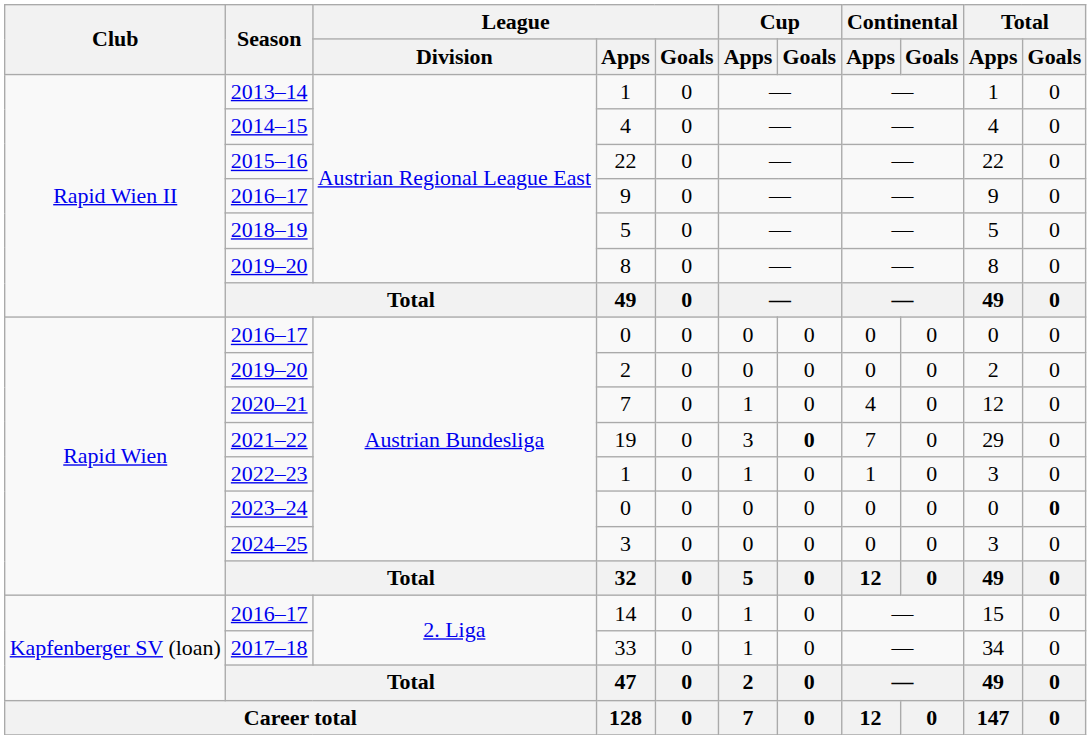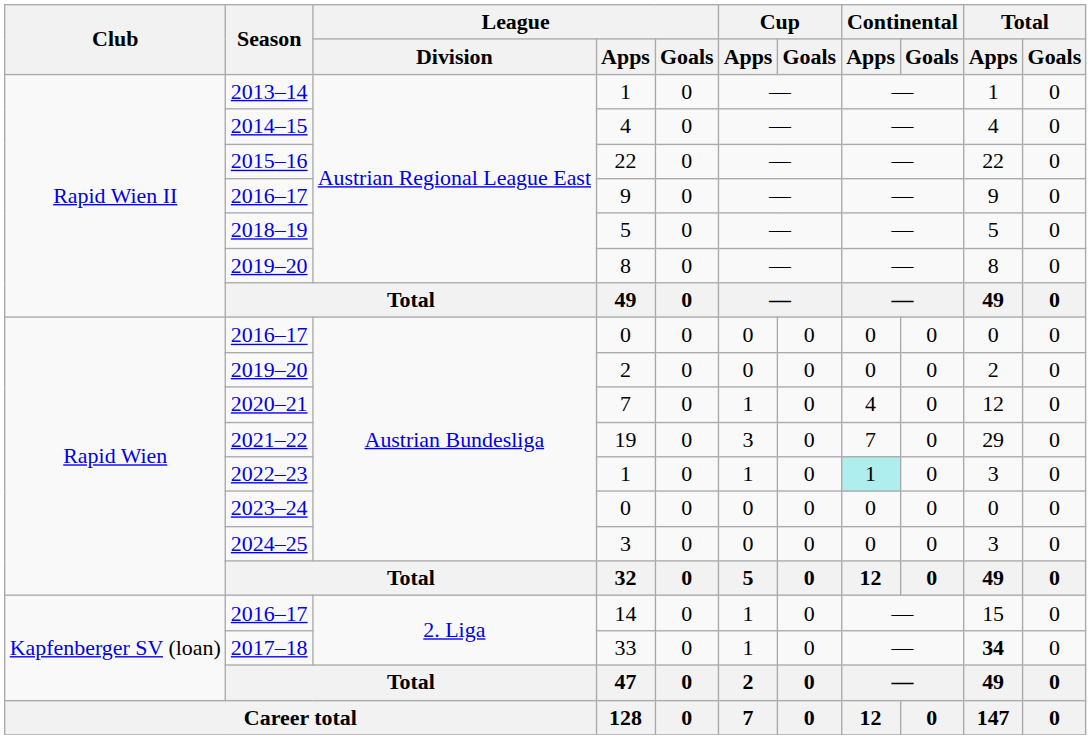 <table class="wikitable" style="text-align: center">
 <tr>
 <th rowspan="2">Club</th>
 <th rowspan="2">Season</th>
 <th colspan="3">League</th>
 <th colspan="2">Cup</th>
 <th colspan="2">Continental</th>
 <th colspan="2">Total</th>
 </tr>
 <tr>
 <th>Division</th>
 <th>Apps</th>
 <th>Goals</th>
 <th>Apps</th>
 <th>Goals</th>
 <th>Apps</th>
 <th>Goals</th>
 <th>Apps</th>
 <th>Goals</th>
 </tr>
 <tr>
 <td rowspan="7"><a href='#'>Rapid Wien II</a></td>
 <td><a href='#'>2013–14</a></td>
 <td rowspan="6"><a href='#'>Austrian Regional League East</a></td>
 <td>1</td>
 <td>0</td>
 <td colspan="2">—</td>
 <td colspan="2">—</td>
 <td>1</td>
 <td>0</td>
 </tr>
 <tr>
 <td><a href='#'>2014–15</a></td>
 <td>4</td>
 <td>0</td>
 <td colspan="2">—</td>
 <td colspan="2">—</td>
 <td>4</td>
 <td>0</td>
 </tr>
 <tr>
 <td><a href='#'>2015–16</a></td>
 <td>22</td>
 <td>0</td>
 <td colspan="2">—</td>
 <td colspan="2">—</td>
 <td>22</td>
 <td>0</td>
 </tr>
 <tr>
 <td><a href='#'>2016–17</a></td>
 <td>9</td>
 <td>0</td>
 <td colspan="2">—</td>
 <td colspan="2">—</td>
 <td>9</td>
 <td>0</td>
 </tr>
 <tr>
 <td><a href='#'>2018–19</a></td>
 <td>5</td>
 <td>0</td>
 <td colspan="2">—</td>
 <td colspan="2">—</td>
 <td>5</td>
 <td>0</td>
 </tr>
 <tr>
 <td><a href='#'>2019–20</a></td>
 <td>8</td>
 <td>0</td>
 <td colspan="2">—</td>
 <td colspan="2">—</td>
 <td>8</td>
 <td>0</td>
 </tr>
 <tr>
 <th colspan="2">Total</th>
 <th>49</th>
 <th>0</th>
 <th colspan="2">—</th>
 <th colspan="2">—</th>
 <th>49</th>
 <th>0</th>
 </tr>
 <tr>
 <td rowspan="8"><a href='#'>Rapid Wien</a></td>
 <td><a href='#'>2016–17</a></td>
 <td rowspan="7"><a href='#'>Austrian Bundesliga</a></td>
 <td>0</td>
 <td>0</td>
 <td>0</td>
 <td>0</td>
 <td>0</td>
 <td>0</td>
 <td>0</td>
 <td>0</td>
 </tr>
 <tr>
 <td><a href='#'>2019–20</a></td>
 <td>2</td>
 <td>0</td>
 <td>0</td>
 <td>0</td>
 <td>0</td>
 <td>0</td>
 <td>2</td>
 <td>0</td>
 </tr>
 <tr>
 <td><a href='#'>2020–21</a></td>
 <td>7</td>
 <td>0</td>
 <td>1</td>
 <td>0</td>
 <td>4</td>
 <td>0</td>
 <td>12</td>
 <td>0</td>
 </tr>
 <tr>
 <td><a href='#'>2021–22</a></td>
 <td>19</td>
 <td>0</td>
 <td>3</td>
-<td><strong>0</strong></td>
+<td>0</td>
 <td>7</td>
 <td>0</td>
 <td>29</td>
 <td>0</td>
 </tr>
 <tr>
 <td><a href='#'>2022–23</a></td>
 <td>1</td>
 <td>0</td>
 <td>1</td>
 <td>0</td>
-<td>1</td>
+<td style="background: paleturquoise;">1</td>
 <td>0</td>
 <td>3</td>
 <td>0</td>
 </tr>
 <tr>
 <td><a href='#'>2023–24</a></td>
 <td>0</td>
 <td>0</td>
 <td>0</td>
 <td>0</td>
 <td>0</td>
 <td>0</td>
 <td>0</td>
-<td><strong>0</strong></td>
+<td>0</td>
 </tr>
 <tr>
 <td><a href='#'>2024–25</a></td>
 <td>3</td>
 <td>0</td>
 <td>0</td>
 <td>0</td>
 <td>0</td>
 <td>0</td>
 <td>3</td>
 <td>0</td>
 </tr>
 <tr>
 <th colspan="2">Total</th>
 <th>32</th>
 <th>0</th>
 <th>5</th>
 <th>0</th>
 <th>12</th>
 <th>0</th>
 <th>49</th>
 <th>0</th>
 </tr>
 <tr>
 <td rowspan="3"><a href='#'>Kapfenberger SV</a> (loan)</td>
 <td><a href='#'>2016–17</a></td>
 <td rowspan="2"><a href='#'>2. Liga</a></td>
 <td>14</td>
 <td>0</td>
 <td>1</td>
 <td>0</td>
 <td colspan="2">—</td>
 <td>15</td>
 <td>0</td>
 </tr>
 <tr>
 <td><a href='#'>2017–18</a></td>
 <td>33</td>
 <td>0</td>
 <td>1</td>
 <td>0</td>
 <td colspan="2">—</td>
-<td>34</td>
+<td><strong>34</strong></td>
 <td>0</td>
 </tr>
 <tr>
 <th colspan="2">Total</th>
 <th>47</th>
 <th>0</th>
 <th>2</th>
 <th>0</th>
 <th colspan="2">—</th>
 <th>49</th>
 <th>0</th>
 </tr>
 <tr>
 <th colspan="3">Career total</th>
 <th>128</th>
 <th>0</th>
 <th>7</th>
 <th>0</th>
 <th>12</th>
 <th>0</th>
 <th>147</th>
 <th>0</th>
 </tr>
 </table>
